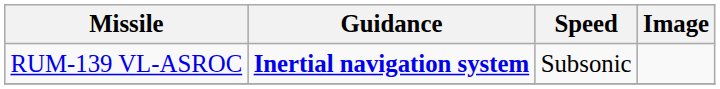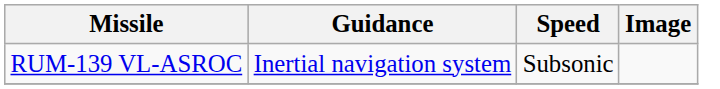 <table class="wikitable">
 <tr>
 <th>Missile</th>
 <th>Guidance</th>
 <th>Speed</th>
 <th>Image</th>
 </tr>
 <tr>
 <td><a href='#'>RUM-139 VL-ASROC</a></td>
-<td><strong><a href='#'>Inertial navigation system</a></strong></td>
+<td><a href='#'>Inertial navigation system</a></td>
 <td>Subsonic</td>
 <td></td>
 </tr>
 <tr>
 </tr>
 </table>
